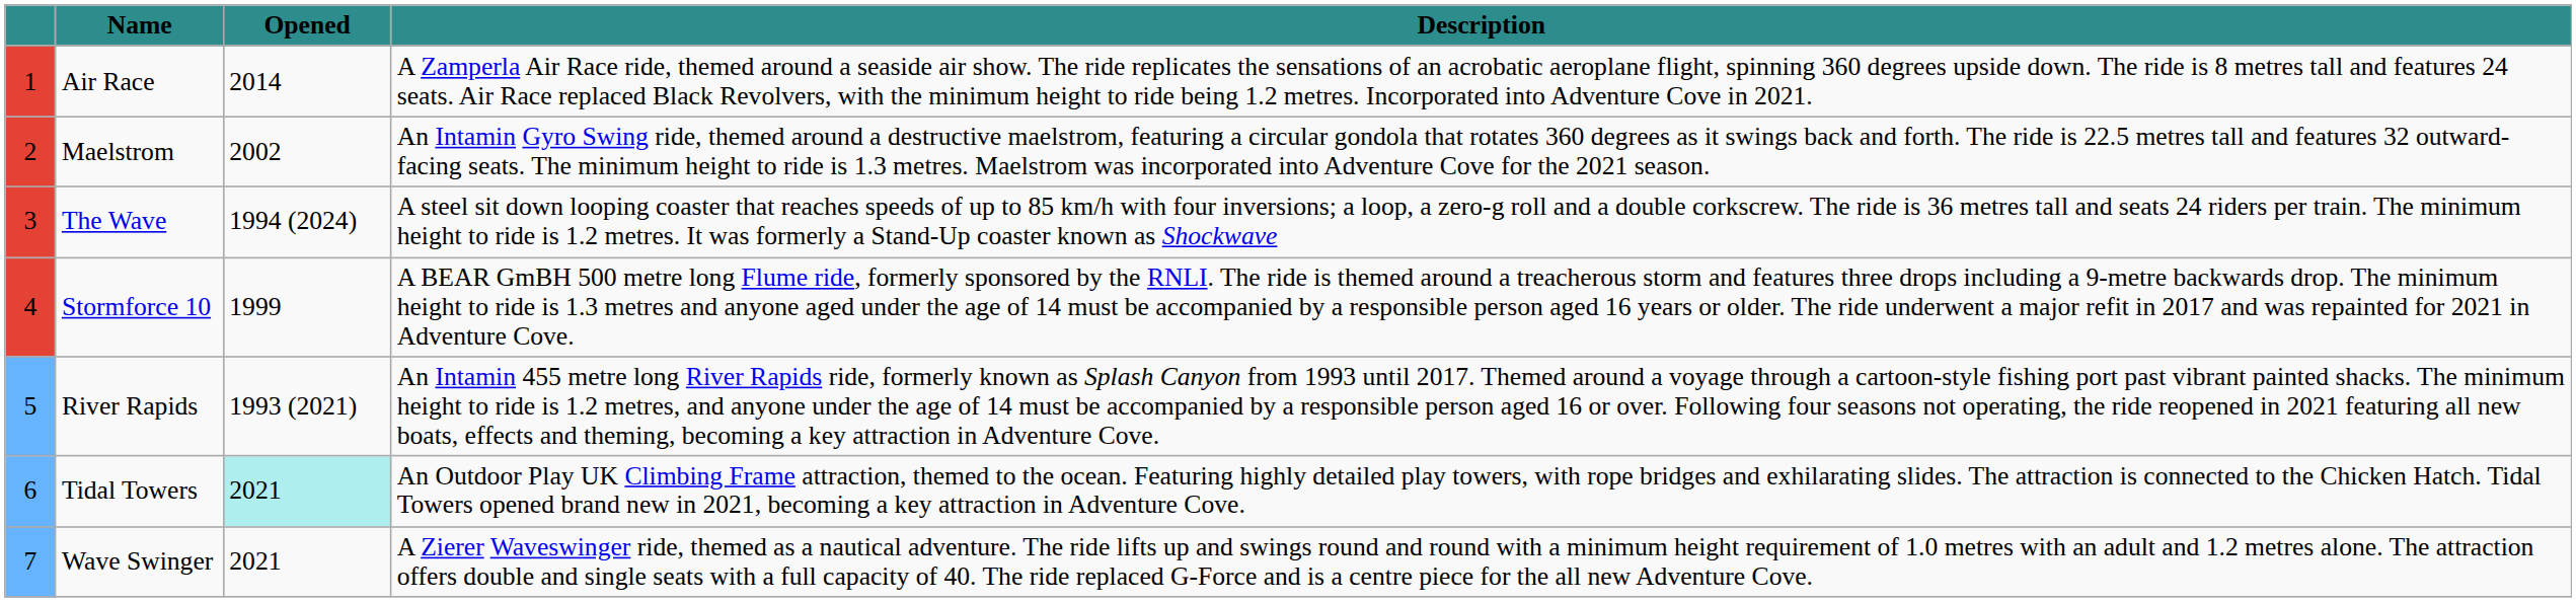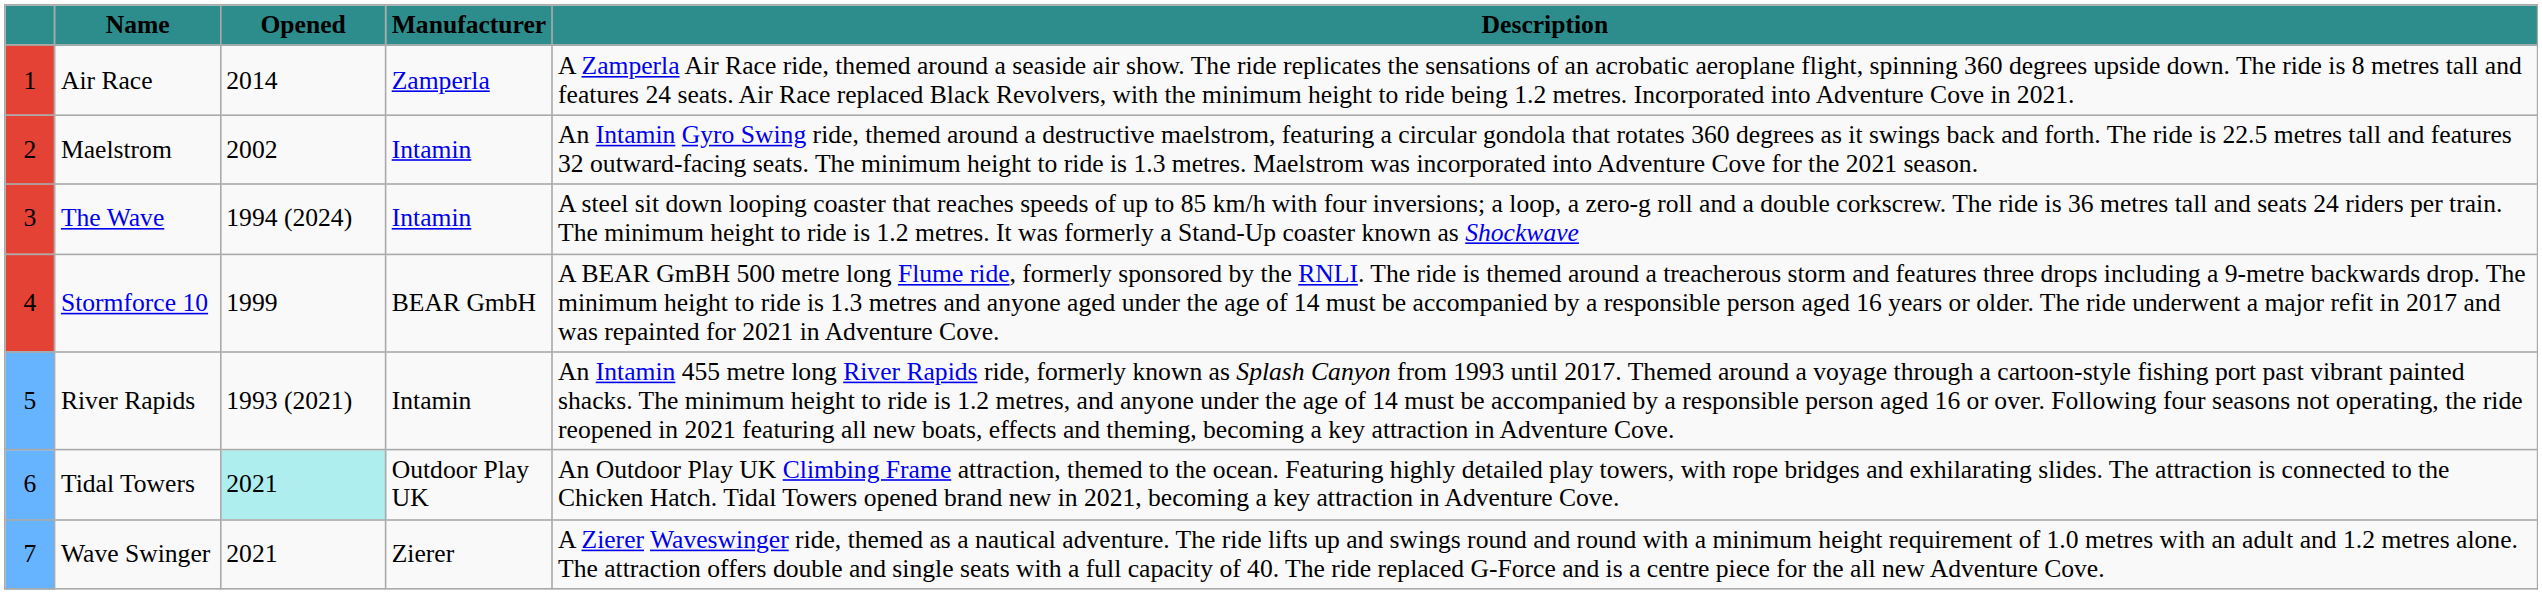 <table class="wikitable sortable" style="width: 100%; font sizes: 95%;">
 <tr>
 <th style="background-color: #2c8d8c; width: 1.5em;"></th>
 <th style="background-color: #2c8d8c; width: 6em;">Name</th>
 <th style="background-color: #2c8d8c; width: 6em;">Opened</th>
+<th style="background-color: #2c8d8c; width: 6em;">Manufacturer</th>
 <th style="background-color: #2c8d8c;">Description</th>
 </tr>
 <tr>
 <td bgcolor="#e34234" style="text-align: center;">1</td>
 <td>Air Race</td>
 <td>2014</td>
+<td><a href='#'>Zamperla</a></td>
 <td>A <a href='#'>Zamperla</a> Air Race ride, themed around a seaside air show. The ride replicates the sensations of an acrobatic aeroplane flight, spinning 360 degrees upside down. The ride is 8 metres tall and features 24 seats. Air Race replaced Black Revolvers, with the minimum height to ride being 1.2 metres. Incorporated into Adventure Cove in 2021.</td>
 </tr>
 <tr>
 <td bgcolor="#e34234" style="text-align: center;">2</td>
 <td>Maelstrom</td>
 <td>2002</td>
+<td><a href='#'>Intamin</a></td>
 <td>An <a href='#'>Intamin</a> <a href='#'>Gyro Swing</a> ride, themed around a destructive maelstrom, featuring a circular gondola that rotates 360 degrees as it swings back and forth. The ride is 22.5 metres tall and features 32 outward-facing seats. The minimum height to ride is 1.3 metres. Maelstrom was incorporated into Adventure Cove for the 2021 season.</td>
 </tr>
 <tr>
 <td bgcolor="#e34234" style="text-align: center;">3</td>
 <td><a href='#'>The Wave</a></td>
 <td>1994 (2024)</td>
+<td><a href='#'>Intamin</a></td>
 <td>A steel sit down looping coaster that reaches speeds of up to 85 km/h with four inversions; a loop, a zero-g roll and a double corkscrew. The ride is 36 metres tall and seats 24 riders per train. The minimum height to ride is 1.2 metres. It was formerly a Stand-Up coaster known as <em><a href='#'>Shockwave</a></em></td>
 </tr>
 <tr>
 <td bgcolor="#e34234" style="text-align: center;">4</td>
 <td><a href='#'>Stormforce 10</a></td>
 <td>1999</td>
+<td>BEAR GmbH</td>
 <td>A BEAR GmBH 500 metre long <a href='#'>Flume ride</a>, formerly sponsored by the <a href='#'>RNLI</a>. The ride is themed around a treacherous storm and features three drops including a 9-metre backwards drop. The minimum height to ride is 1.3 metres and anyone aged under the age of 14 must be accompanied by a responsible person aged 16 years or older. The ride underwent a major refit in 2017 and was repainted for 2021 in Adventure Cove.</td>
 </tr>
 <tr>
 <td bgcolor="#66b3ff" style="text-align: center;">5</td>
 <td>River Rapids</td>
 <td>1993 (2021)</td>
+<td>Intamin</td>
 <td>An <a href='#'>Intamin</a> 455 metre long <a href='#'>River Rapids</a> ride, formerly known as <em>Splash Canyon</em> from 1993 until 2017. Themed around a voyage through a cartoon-style fishing port past vibrant painted shacks. The minimum height to ride is 1.2 metres, and anyone under the age of 14 must be accompanied by a responsible person aged 16 or over. Following four seasons not operating, the ride reopened in 2021 featuring all new boats, effects and theming, becoming a key attraction in Adventure Cove.</td>
 </tr>
 <tr>
 <td bgcolor="#66b3ff" style="text-align: center;">6</td>
 <td>Tidal Towers</td>
 <td style="background: paleturquoise;">2021</td>
+<td>Outdoor Play UK</td>
 <td>An Outdoor Play UK <a href='#'>Climbing Frame</a> attraction, themed to the ocean. Featuring highly detailed play towers, with rope bridges and exhilarating slides. The attraction is connected to the Chicken Hatch. Tidal Towers opened brand new in 2021, becoming a key attraction in Adventure Cove.</td>
 </tr>
 <tr>
 <td bgcolor="#66b3ff" style="text-align: center;">7</td>
 <td>Wave Swinger</td>
 <td>2021</td>
+<td>Zierer</td>
 <td>A <a href='#'>Zierer</a> <a href='#'>Waveswinger</a> ride, themed as a nautical adventure. The ride lifts up and swings round and round with a minimum height requirement of 1.0 metres with an adult and 1.2 metres alone. The attraction offers double and single seats with a full capacity of 40. The ride replaced G-Force and is a centre piece for the all new Adventure Cove.</td>
 </tr>
 </table>
